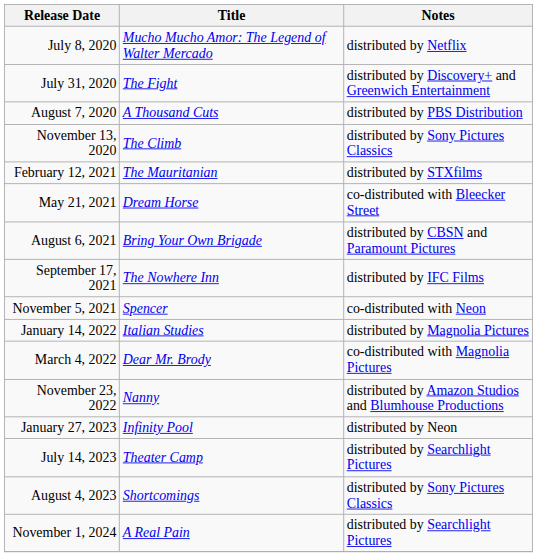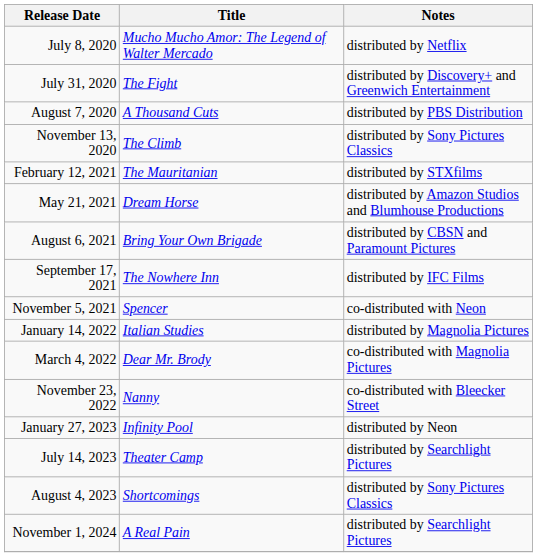 <table class="wikitable sortable">
 <tr>
 <th style="width:125px;">Release Date</th>
 <th style="width:250px;">Title</th>
 <th>Notes</th>
 </tr>
 <tr>
 <td style="text-align:right;">July 8, 2020</td>
 <td><em><a href='#'>Mucho Mucho Amor: The Legend of Walter Mercado</a></em></td>
 <td>distributed by <a href='#'>Netflix</a></td>
 </tr>
 <tr>
 <td style="text-align:right;">July 31, 2020</td>
 <td><em><a href='#'>The Fight</a></em></td>
 <td>distributed by <a href='#'>Discovery+</a> and <a href='#'>Greenwich Entertainment</a></td>
 </tr>
 <tr>
 <td style="text-align:right;">August 7, 2020</td>
 <td><em><a href='#'>A Thousand Cuts</a></em></td>
 <td>distributed by <a href='#'>PBS Distribution</a></td>
 </tr>
 <tr>
 <td style="text-align:right;">November 13, 2020</td>
 <td><em><a href='#'>The Climb</a></em></td>
 <td>distributed by <a href='#'>Sony Pictures Classics</a></td>
 </tr>
 <tr>
 <td style="text-align:right;">February 12, 2021</td>
 <td><em><a href='#'>The Mauritanian</a></em></td>
 <td>distributed by <a href='#'>STXfilms</a></td>
 </tr>
 <tr>
 <td style="text-align:right;">May 21, 2021</td>
 <td><em><a href='#'>Dream Horse</a></em></td>
-<td>co-distributed with <a href='#'>Bleecker Street</a></td>
+<td>distributed by <a href='#'>Amazon Studios</a> and <a href='#'>Blumhouse Productions</a></td>
 </tr>
 <tr>
 <td style="text-align:right;">August 6, 2021</td>
 <td><em><a href='#'>Bring Your Own Brigade</a></em></td>
 <td>distributed by <a href='#'>CBSN</a> and <a href='#'>Paramount Pictures</a></td>
 </tr>
 <tr>
 <td style="text-align:right;">September 17, 2021</td>
 <td><em><a href='#'>The Nowhere Inn</a></em></td>
 <td>distributed by <a href='#'>IFC Films</a></td>
 </tr>
 <tr>
 <td style="text-align:right;">November 5, 2021</td>
 <td><em><a href='#'>Spencer</a></em></td>
 <td>co-distributed with <a href='#'>Neon</a></td>
 </tr>
 <tr>
 <td style="text-align:right;">January 14, 2022</td>
 <td><em><a href='#'>Italian Studies</a></em></td>
 <td>distributed by <a href='#'>Magnolia Pictures</a></td>
 </tr>
 <tr>
 <td style="text-align:right;">March 4, 2022</td>
 <td><em><a href='#'>Dear Mr. Brody</a></em></td>
 <td>co-distributed with <a href='#'>Magnolia Pictures</a></td>
 </tr>
 <tr>
 <td style="text-align:right;">November 23, 2022</td>
 <td><em><a href='#'>Nanny</a></em></td>
-<td>distributed by <a href='#'>Amazon Studios</a> and <a href='#'>Blumhouse Productions</a></td>
+<td>co-distributed with <a href='#'>Bleecker Street</a></td>
 </tr>
 <tr>
 <td style="text-align:right;">January 27, 2023</td>
 <td><em><a href='#'>Infinity Pool</a></em></td>
 <td>distributed by Neon</td>
 </tr>
 <tr>
 <td style="text-align:right;">July 14, 2023</td>
 <td><em><a href='#'>Theater Camp</a></em></td>
 <td>distributed by <a href='#'>Searchlight Pictures</a></td>
 </tr>
 <tr>
 <td style="text-align:right;">August 4, 2023</td>
 <td><em><a href='#'>Shortcomings</a></em></td>
 <td>distributed by <a href='#'>Sony Pictures Classics</a></td>
 </tr>
 <tr>
 <td style="text-align:right;">November 1, 2024</td>
 <td><em><a href='#'>A Real Pain</a></em></td>
 <td>distributed by <a href='#'>Searchlight Pictures</a></td>
 </tr>
 <tr>
 </tr>
 </table>
